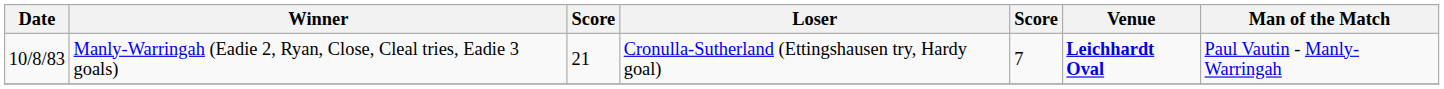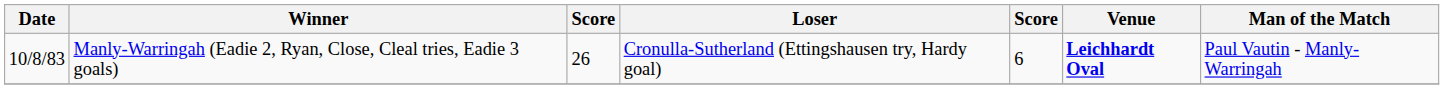 <table class="wikitable">
 <tr>
 <th>Date</th>
 <th>Winner</th>
 <th>Score</th>
 <th>Loser</th>
 <th>Score</th>
 <th>Venue</th>
 <th>Man of the Match</th>
 </tr>
 <tr>
 <td>10/8/83</td>
 <td> <a href='#'>Manly-Warringah</a> (Eadie 2, Ryan, Close, Cleal tries, Eadie 3 goals)</td>
-<td>21</td>
+<td>26</td>
 <td> <a href='#'>Cronulla-Sutherland</a> (Ettingshausen try, Hardy goal)</td>
-<td>7</td>
+<td>6</td>
 <td><strong><a href='#'>Leichhardt Oval</a></strong></td>
 <td><a href='#'>Paul Vautin</a> - <a href='#'>Manly-Warringah</a></td>
 </tr>
 <tr>
 </tr>
 </table>
